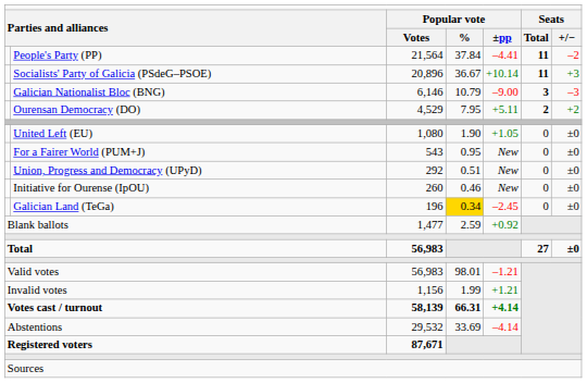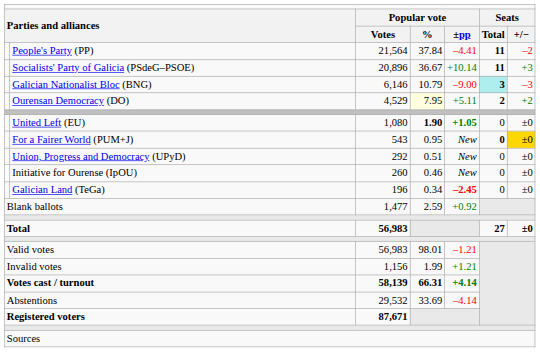 <table class="wikitable" style="text-align:right;">
 <tr>
 <td colspan="7"></td>
 </tr>
 <tr>
 <th style="text-align:left;" rowspan="2" colspan="2" width="525">Parties and alliances</th>
 <th colspan="3">Popular vote</th>
 <th colspan="2">Seats</th>
 </tr>
 <tr>
 <th width="75">Votes</th>
 <th width="45">%</th>
 <th width="45">±<a href='#'>pp</a></th>
 <th width="35">Total</th>
 <th width="35">+/−</th>
 </tr>
 <tr>
 <td width="1" style="color:inherit;background:"></td>
 <td align="left"><a href='#'>People's Party</a> (PP)</td>
 <td>21,564</td>
 <td>37.84</td>
 <td style="color:red;">–4.41</td>
 <td><strong>11</strong></td>
 <td style="color:red;">–2</td>
 </tr>
 <tr>
 <td style="color:inherit;background:"></td>
 <td align="left"><a href='#'>Socialists' Party of Galicia</a> (PSdeG–PSOE)</td>
 <td>20,896</td>
 <td>36.67</td>
 <td style="color:green;">+10.14</td>
 <td><strong>11</strong></td>
 <td style="color:green;">+3</td>
 </tr>
 <tr>
 <td style="color:inherit;background:"></td>
 <td align="left"><a href='#'>Galician Nationalist Bloc</a> (BNG)</td>
 <td>6,146</td>
 <td>10.79</td>
 <td style="color:red;">–9.00</td>
-<td><strong>3</strong></td>
+<td style="background: paleturquoise;"><strong>3</strong></td>
 <td style="color:red;">–3</td>
 </tr>
 <tr>
 <td style="color:inherit;background:"></td>
 <td align="left"><a href='#'>Ourensan Democracy</a> (DO)</td>
 <td>4,529</td>
-<td>7.95</td>
+<td style="background: lightyellow;">7.95</td>
 <td style="color:green;">+5.11</td>
 <td><strong>2</strong></td>
 <td style="color:green;">+2</td>
 </tr>
 <tr>
 <td colspan="7" bgcolor="#C0C0C0"></td>
 </tr>
 <tr>
 <td style="color:inherit;background:"></td>
 <td align="left"><a href='#'>United Left</a> (EU)</td>
 <td>1,080</td>
-<td>1.90</td>
-<td style="color:green;">+1.05</td>
+<td><strong>1.90</strong></td>
+<td style="color:green;"><strong>+1.05</strong></td>
 <td>0</td>
 <td>±0</td>
 </tr>
 <tr>
 <td style="color:inherit;background:"></td>
 <td align="left"><a href='#'>For a Fairer World</a> (PUM+J)</td>
 <td>543</td>
 <td>0.95</td>
 <td><em>New</em></td>
-<td>0</td>
-<td>±0</td>
+<td><strong>0</strong></td>
+<td style="background: gold;">±0</td>
 </tr>
 <tr>
 <td style="color:inherit;background:"></td>
 <td align="left"><a href='#'>Union, Progress and Democracy</a> (UPyD)</td>
 <td>292</td>
 <td>0.51</td>
 <td><em>New</em></td>
 <td>0</td>
 <td>±0</td>
 </tr>
 <tr>
 <td bgcolor="white"></td>
 <td align="left">Initiative for Ourense (IpOU)</td>
 <td>260</td>
 <td>0.46</td>
 <td><em>New</em></td>
 <td>0</td>
 <td>±0</td>
 </tr>
 <tr>
 <td style="color:inherit;background:"></td>
 <td align="left"><a href='#'>Galician Land</a> (TeGa)</td>
 <td>196</td>
-<td style="background: gold;">0.34</td>
-<td style="color:red;">–2.45</td>
+<td>0.34</td>
+<td style="color:red;"><strong>–2.45</strong></td>
 <td>0</td>
 <td>±0</td>
 </tr>
 <tr>
 <td align="left" colspan="2">Blank ballots</td>
 <td>1,477</td>
 <td>2.59</td>
 <td style="color:green;">+0.92</td>
 <td bgcolor="#E9E9E9" colspan="2"></td>
 </tr>
 <tr>
 <td colspan="7" bgcolor="#E9E9E9"></td>
 </tr>
 <tr style="font-weight:bold;">
 <td align="left" colspan="2">Total</td>
 <td>56,983</td>
 <td bgcolor="#E9E9E9" colspan="2"></td>
 <td>27</td>
 <td>±0</td>
 </tr>
 <tr>
 <td colspan="7" bgcolor="#E9E9E9"></td>
 </tr>
 <tr>
 <td align="left" colspan="2">Valid votes</td>
 <td>56,983</td>
 <td>98.01</td>
 <td style="color:red;">–1.21</td>
 <td bgcolor="#E9E9E9" colspan="2" rowspan="5"></td>
 </tr>
 <tr>
 <td align="left" colspan="2">Invalid votes</td>
 <td>1,156</td>
 <td>1.99</td>
 <td style="color:green;">+1.21</td>
 </tr>
 <tr style="font-weight:bold;">
 <td align="left" colspan="2">Votes cast / turnout</td>
 <td>58,139</td>
 <td>66.31</td>
 <td style="color:green;">+4.14</td>
 </tr>
 <tr>
 <td align="left" colspan="2">Abstentions</td>
 <td>29,532</td>
 <td>33.69</td>
 <td style="color:red;">–4.14</td>
 </tr>
 <tr style="font-weight:bold;">
 <td align="left" colspan="2">Registered voters</td>
 <td>87,671</td>
 <td bgcolor="#E9E9E9" colspan="2"></td>
 </tr>
 <tr>
 <td colspan="7" bgcolor="#E9E9E9"></td>
 </tr>
 <tr>
 <td align="left" colspan="7">Sources</td>
 </tr>
 </table>
